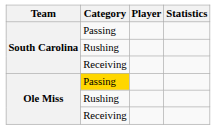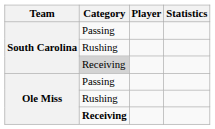 <table class="wikitable" style="float:right">
 <tr>
 <th>Team</th>
 <th>Category</th>
 <th>Player</th>
 <th>Statistics</th>
 </tr>
 <tr>
 <th rowspan=3>South Carolina</th>
 <td>Passing</td>
 <td></td>
 <td></td>
 </tr>
 <tr>
 <td>Rushing</td>
 <td></td>
 <td></td>
 </tr>
 <tr>
-<td>Receiving</td>
+<td style="background: lightgrey;">Receiving</td>
 <td></td>
 <td></td>
 </tr>
 <tr>
 <th rowspan=3>Ole Miss</th>
-<td style="background: gold;">Passing</td>
+<td>Passing</td>
 <td></td>
 <td></td>
 </tr>
 <tr>
 <td>Rushing</td>
 <td></td>
 <td></td>
 </tr>
 <tr>
-<td>Receiving</td>
+<td><strong>Receiving</strong></td>
 <td></td>
 <td></td>
 </tr>
 </table>
